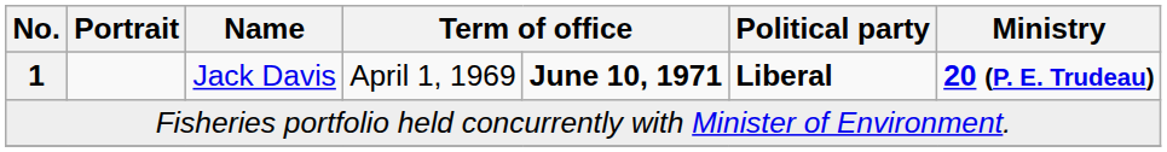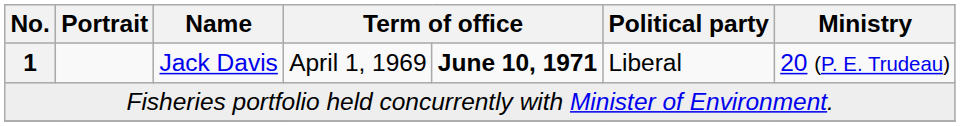 <table class="wikitable">
 <tr>
 <th>No.</th>
 <th>Portrait</th>
 <th>Name</th>
 <th colspan=2>Term of office</th>
 <th>Political party</th>
 <th>Ministry</th>
 </tr>
 <tr>
 <th style="background:">1</th>
 <td></td>
 <td><a href='#'>Jack Davis</a></td>
 <td>April 1, 1969</td>
 <td><strong>June 10, 1971</strong></td>
-<td><strong>Liberal</strong></td>
-<td><strong><a href='#'>20</a> <small>(<a href='#'>P. E. Trudeau</a>)</small></strong></td>
+<td>Liberal</td>
+<td><a href='#'>20</a> <small>(<a href='#'>P. E. Trudeau</a>)</small></td>
 </tr>
 <tr>
 <td colspan=7 align=center style="background: #eeeeee;"><em>Fisheries portfolio held concurrently with <a href='#'>Minister of Environment</a>.</em></td>
 </tr>
 <tr>
 </tr>
 </table>
